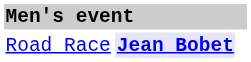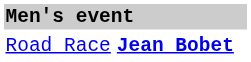 <table>
 <tr bgcolor="#cccccc">
 <td colspan=7><strong>Men's event</strong></td>
 </tr>
 <tr>
 <td><a href='#'>Road Race</a><br></td>
-<td style="background: lavender;"><strong><a href='#'>Jean Bobet</a></strong><br><small></small></td>
+<td><strong><a href='#'>Jean Bobet</a></strong><br><small></small></td>
 <td></td>
 <td></td>
 </tr>
 </table>
